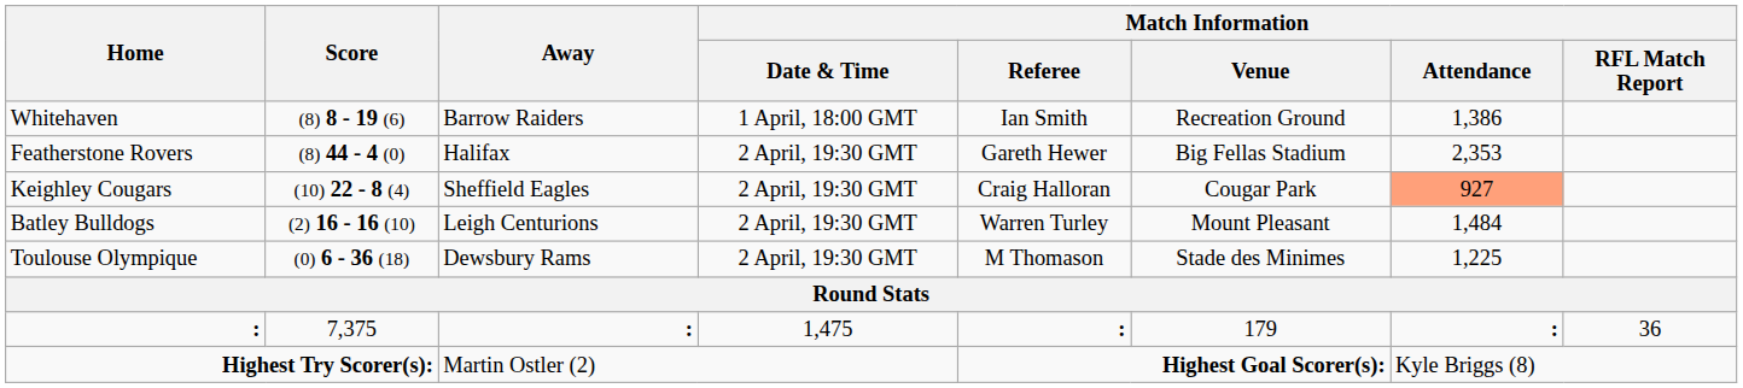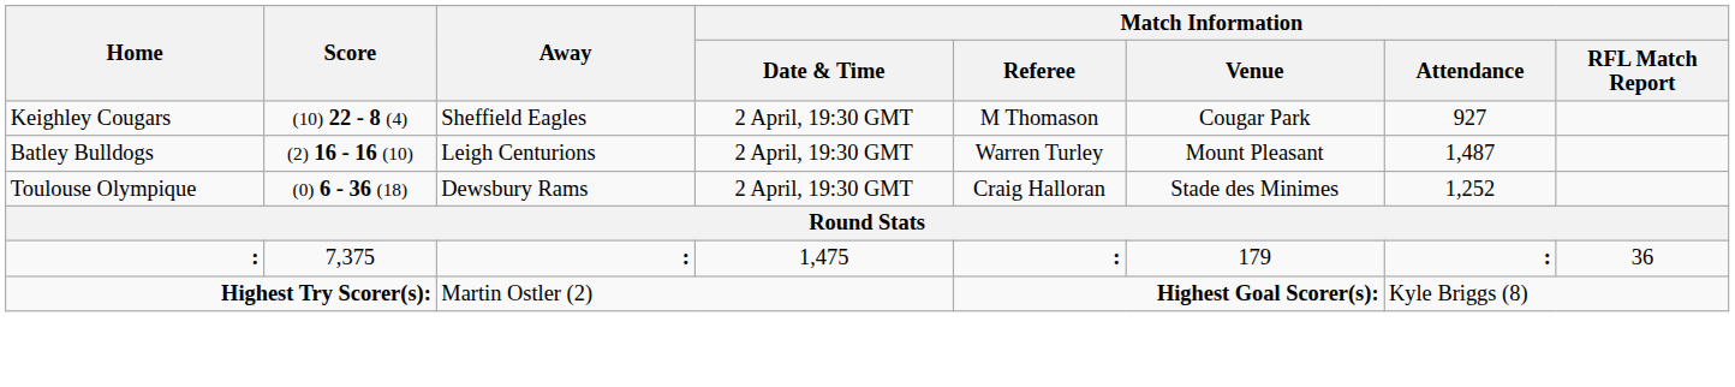 <table class="wikitable" style="text-align: center; cellpadding=3 cellspacing=0 width=95%">
 <tr>
 <th rowspan=2 width=15%>Home</th>
 <th rowspan=2 width=10%>Score</th>
 <th rowspan=2 width=15%>Away</th>
 <th colspan=5>Match Information</th>
 </tr>
 <tr>
 <th width=15%>Date & Time</th>
 <th width=10%>Referee</th>
 <th width=15%>Venue</th>
 <th width=10%>Attendance</th>
 <th width=10%>RFL Match Report</th>
 </tr>
 <tr>
-<td align=left> Whitehaven</td>
-<td><small>(8)</small> <strong>8 - 19</strong> <small>(6)</small></td>
-<td align=left> Barrow Raiders</td>
-<td>1 April, 18:00 GMT</td>
-<td>Ian Smith</td>
-<td>Recreation Ground</td>
-<td>1,386</td>
-<td align="center"></td>
-</tr>
-<tr>
-<td align=left> Featherstone Rovers</td>
-<td><small>(8)</small> <strong>44 - 4</strong> <small>(0)</small></td>
-<td align=left> Halifax</td>
-<td>2 April, 19:30 GMT</td>
-<td>Gareth Hewer</td>
-<td>Big Fellas Stadium</td>
-<td>2,353</td>
-<td align="center"></td>
-</tr>
-<tr>
 <td align=left> Keighley Cougars</td>
 <td><small>(10)</small> <strong>22 - 8</strong> <small>(4)</small></td>
 <td align=left> Sheffield Eagles</td>
 <td>2 April, 19:30 GMT</td>
-<td>Craig Halloran</td>
+<td>M Thomason</td>
 <td>Cougar Park</td>
-<td style="background: lightsalmon;">927</td>
+<td>927</td>
 <td align="center"></td>
 </tr>
 <tr>
 <td align=left> Batley Bulldogs</td>
 <td><small>(2)</small> <strong>16 - 16</strong> <small>(10)</small></td>
 <td align=left> Leigh Centurions</td>
 <td>2 April, 19:30 GMT</td>
 <td>Warren Turley</td>
 <td>Mount Pleasant</td>
-<td>1,484</td>
+<td>1,487</td>
 <td align="center"></td>
 </tr>
 <tr>
 <td align=left> Toulouse Olympique</td>
 <td><small>(0)</small> <strong>6 - 36</strong> <small>(18)</small></td>
 <td align=left> Dewsbury Rams</td>
 <td>2 April, 19:30 GMT</td>
-<td>M Thomason</td>
+<td>Craig Halloran</td>
 <td>Stade des Minimes</td>
-<td>1,225</td>
+<td>1,252</td>
 <td align="center"></td>
 </tr>
 <tr>
 <th colspan=8>Round Stats</th>
 </tr>
 <tr>
 <td colspan=1 align=right><strong>:</strong></td>
 <td colspan=1>7,375</td>
 <td colspan=1 align=right><strong>:</strong></td>
 <td colspan=1>1,475</td>
 <td colspan=1 align=right><strong>:</strong></td>
 <td colspan=1>179</td>
 <td colspan=1 align=right><strong>:</strong></td>
 <td colspan=1>36</td>
 </tr>
 <tr>
 <td colspan=2 valign="top" align=right><strong>Highest Try Scorer(s):</strong></td>
 <td colspan=2 valign="top" align=left> Martin Ostler (2)</td>
 <td colspan=2 valign="top" align=right><strong>Highest Goal Scorer(s):</strong></td>
 <td colspan=2 valign="top" align=left> Kyle Briggs (8)</td>
 </tr>
 </table>
